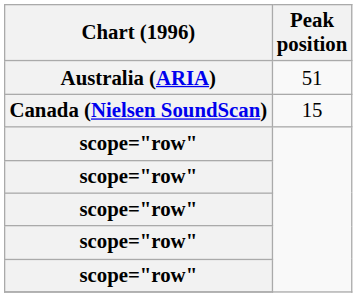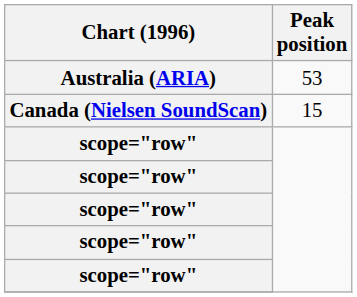 <table class="wikitable sortable plainrowheaders" style="text-align:center;">
 <tr>
 <th scope="col">Chart (1996)</th>
 <th scope="col">Peak<br>position</th>
 </tr>
 <tr>
 <th scope="row">Australia (<a href='#'>ARIA</a>)</th>
-<td>51</td>
+<td>53</td>
 </tr>
 <tr>
 <th scope="row">Canada (<a href='#'>Nielsen SoundScan</a>)</th>
 <td align="center">15</td>
 </tr>
 <tr>
 <th>scope="row" </th>
 </tr>
 <tr>
 <th>scope="row" </th>
 </tr>
 <tr>
 <th>scope="row" </th>
 </tr>
 <tr>
 <th>scope="row" </th>
 </tr>
 <tr>
 <th>scope="row" </th>
 </tr>
 <tr>
 </tr>
 </table>
